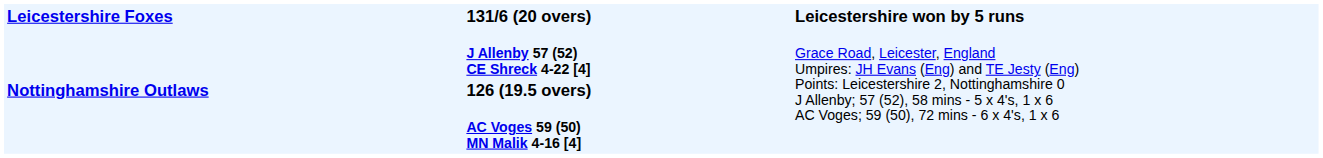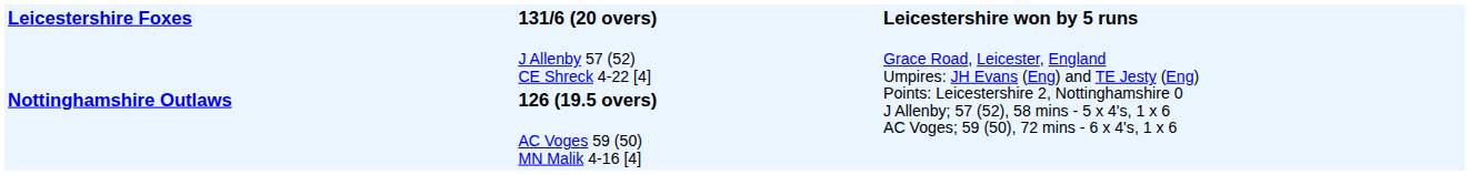 <table style="width:100%; background:#ebf5ff;">
 <tr>
 <td style="width:35%; vertical-align:top;" rowspan="2"><strong><a href='#'>Leicestershire Foxes</a></strong></td>
 <td style="width:25%;"><strong>131/6 (20 overs)</strong></td>
 <td style="width:40%;"><strong>Leicestershire won by 5 runs</strong></td>
 </tr>
 <tr>
-<td style="font-size: 85%;"><strong><br><a href='#'>J Allenby</a> 57 (52)<br> <a href='#'>CE Shreck</a> 4-22 [4]</strong></td>
+<td style="font-size: 85%;"><br><a href='#'>J Allenby</a> 57 (52)<br> <a href='#'>CE Shreck</a> 4-22 [4]</td>
 <td style="vertical-align:top; font-size:85%;" rowspan="3"><br><a href='#'>Grace Road</a>, <a href='#'>Leicester</a>, <a href='#'>England</a><br> Umpires: <a href='#'>JH Evans</a> (<a href='#'>Eng</a>) and <a href='#'>TE Jesty</a> (<a href='#'>Eng</a>)<br> Points: Leicestershire 2, Nottinghamshire 0<br>J Allenby; 57 (52), 58 mins - 5 x 4's, 1 x 6<br> AC Voges; 59 (50), 72 mins - 6 x 4's, 1 x 6</td>
 </tr>
 <tr>
 <td style="vertical-align:top;" rowspan="2"><strong><a href='#'>Nottinghamshire Outlaws</a></strong></td>
 <td><strong>126 (19.5 overs)</strong></td>
 </tr>
 <tr>
-<td style="font-size: 85%;"><strong><br><a href='#'>AC Voges</a> 59 (50)<br> <a href='#'>MN Malik</a> 4-16 [4]</strong></td>
+<td style="font-size: 85%;"><br><a href='#'>AC Voges</a> 59 (50)<br> <a href='#'>MN Malik</a> 4-16 [4]</td>
 </tr>
 </table>
